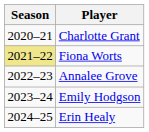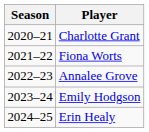 <table class="wikitable">
 <tr>
 <th>Season</th>
 <th>Player</th>
 </tr>
 <tr>
 <td>2020–21</td>
 <td> <a href='#'>Charlotte Grant</a></td>
 </tr>
 <tr>
-<td style="background: khaki;">2021–22</td>
+<td>2021–22</td>
 <td> <a href='#'>Fiona Worts</a></td>
 </tr>
 <tr>
 <td>2022–23</td>
 <td> <a href='#'>Annalee Grove</a></td>
 </tr>
 <tr>
 <td>2023–24</td>
 <td> <a href='#'>Emily Hodgson</a></td>
 </tr>
 <tr>
 <td>2024–25</td>
 <td> <a href='#'>Erin Healy</a></td>
 </tr>
 </table>
